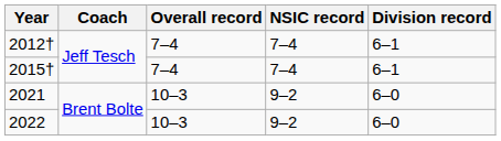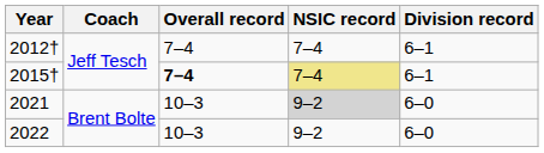 <table class="wikitable">
 <tr>
 <th>Year</th>
 <th>Coach</th>
 <th>Overall record</th>
 <th>NSIC record</th>
 <th>Division record</th>
 </tr>
 <tr>
 <td>2012†</td>
 <td rowspan="2"><a href='#'>Jeff Tesch</a></td>
 <td>7–4</td>
 <td>7–4</td>
 <td>6–1</td>
 </tr>
 <tr>
 <td>2015†</td>
-<td>7–4</td>
-<td>7–4</td>
+<td><strong>7–4</strong></td>
+<td style="background: khaki;">7–4</td>
 <td>6–1</td>
 </tr>
 <tr>
 <td>2021</td>
 <td rowspan="2"><a href='#'>Brent Bolte</a></td>
 <td>10–3</td>
-<td>9–2</td>
+<td style="background: lightgrey;">9–2</td>
 <td>6–0</td>
 </tr>
 <tr>
 <td>2022</td>
 <td>10–3</td>
 <td>9–2</td>
 <td>6–0</td>
 </tr>
 </table>
